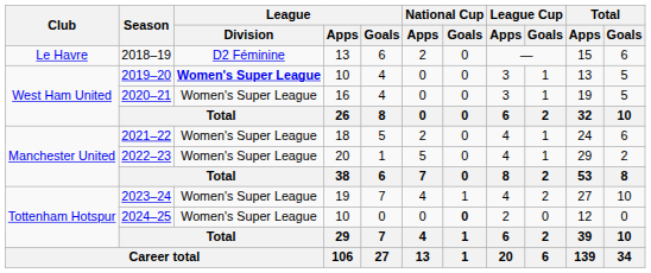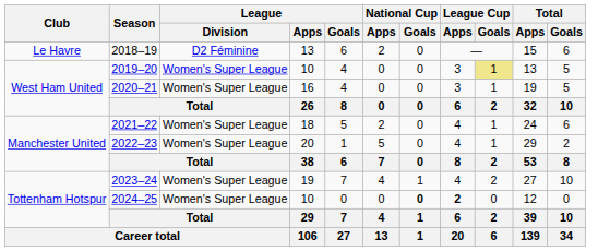 <table class="wikitable" style="text-align:center">
 <tr>
 <th rowspan="2">Club</th>
 <th rowspan="2">Season</th>
 <th colspan="3">League</th>
 <th colspan="2">National Cup</th>
 <th colspan="2">League Cup</th>
 <th colspan="2">Total</th>
 </tr>
 <tr>
 <th>Division</th>
 <th>Apps</th>
 <th>Goals</th>
 <th>Apps</th>
 <th>Goals</th>
 <th>Apps</th>
 <th>Goals</th>
 <th>Apps</th>
 <th>Goals</th>
 </tr>
 <tr>
 <td><a href='#'>Le Havre</a></td>
 <td>2018–19</td>
 <td><a href='#'>D2 Féminine</a></td>
 <td>13</td>
 <td>6</td>
 <td>2</td>
 <td>0</td>
 <td colspan="2">—</td>
 <td>15</td>
 <td>6</td>
 </tr>
 <tr>
 <td rowspan="3"><a href='#'>West Ham United</a></td>
 <td><a href='#'>2019–20</a></td>
-<td><strong><a href='#'>Women's Super League</a></strong></td>
+<td><a href='#'>Women's Super League</a></td>
 <td>10</td>
 <td>4</td>
 <td>0</td>
 <td>0</td>
 <td>3</td>
-<td>1</td>
+<td style="background: khaki;">1</td>
 <td>13</td>
 <td>5</td>
 </tr>
 <tr>
 <td><a href='#'>2020–21</a></td>
 <td>Women's Super League</td>
 <td>16</td>
 <td>4</td>
 <td>0</td>
 <td>0</td>
 <td>3</td>
 <td>1</td>
 <td>19</td>
 <td>5</td>
 </tr>
 <tr>
 <th colspan="2">Total</th>
 <th>26</th>
 <th>8</th>
 <th>0</th>
 <th>0</th>
 <th>6</th>
 <th>2</th>
 <th>32</th>
 <th>10</th>
 </tr>
 <tr>
 <td rowspan="3"><a href='#'>Manchester United</a></td>
 <td><a href='#'>2021–22</a></td>
 <td>Women's Super League</td>
 <td>18</td>
 <td>5</td>
 <td>2</td>
 <td>0</td>
 <td>4</td>
 <td>1</td>
 <td>24</td>
 <td>6</td>
 </tr>
 <tr>
 <td><a href='#'>2022–23</a></td>
 <td>Women's Super League</td>
 <td>20</td>
 <td>1</td>
 <td>5</td>
 <td>0</td>
 <td>4</td>
 <td>1</td>
 <td>29</td>
 <td>2</td>
 </tr>
 <tr>
 <th colspan="2">Total</th>
 <th>38</th>
 <th>6</th>
 <th>7</th>
 <th>0</th>
 <th>8</th>
 <th>2</th>
 <th>53</th>
 <th>8</th>
 </tr>
 <tr>
 <td rowspan="3"><a href='#'>Tottenham Hotspur</a></td>
 <td><a href='#'>2023–24</a></td>
 <td>Women's Super League</td>
 <td>19</td>
 <td>7</td>
 <td>4</td>
 <td>1</td>
 <td>4</td>
 <td>2</td>
 <td>27</td>
 <td>10</td>
 </tr>
 <tr>
 <td><a href='#'>2024–25</a></td>
 <td>Women's Super League</td>
 <td>10</td>
 <td>0</td>
 <td>0</td>
 <td><strong>0</strong></td>
-<td>2</td>
+<td><strong>2</strong></td>
 <td>0</td>
 <td>12</td>
 <td>0</td>
 </tr>
 <tr>
 <th colspan="2">Total</th>
 <th>29</th>
 <th>7</th>
 <th>4</th>
 <th>1</th>
 <th>6</th>
 <th>2</th>
 <th>39</th>
 <th>10</th>
 </tr>
 <tr>
 <th colspan="3">Career total</th>
 <th>106</th>
 <th>27</th>
 <th>13</th>
 <th>1</th>
 <th>20</th>
 <th>6</th>
 <th>139</th>
 <th>34</th>
 </tr>
 </table>
